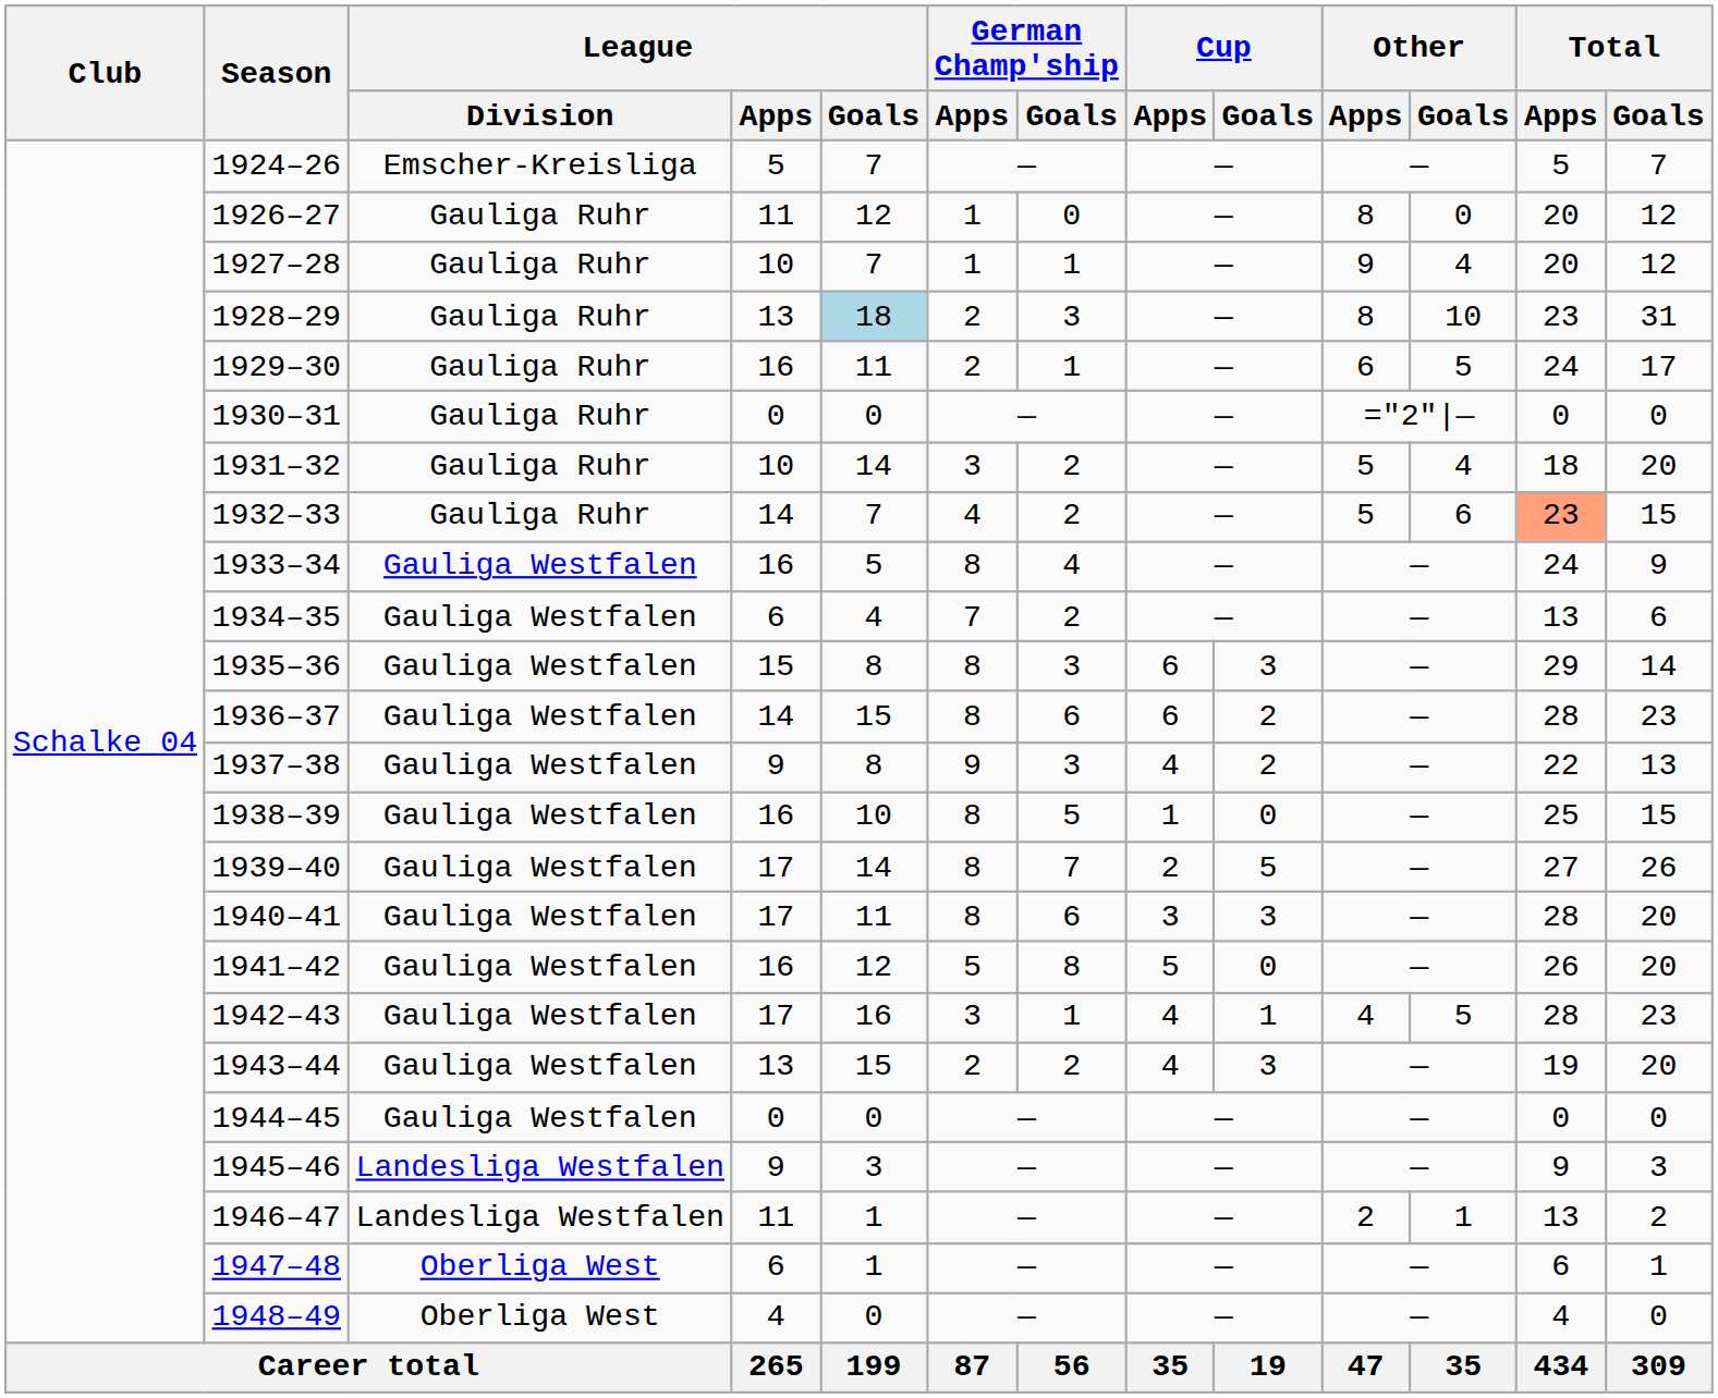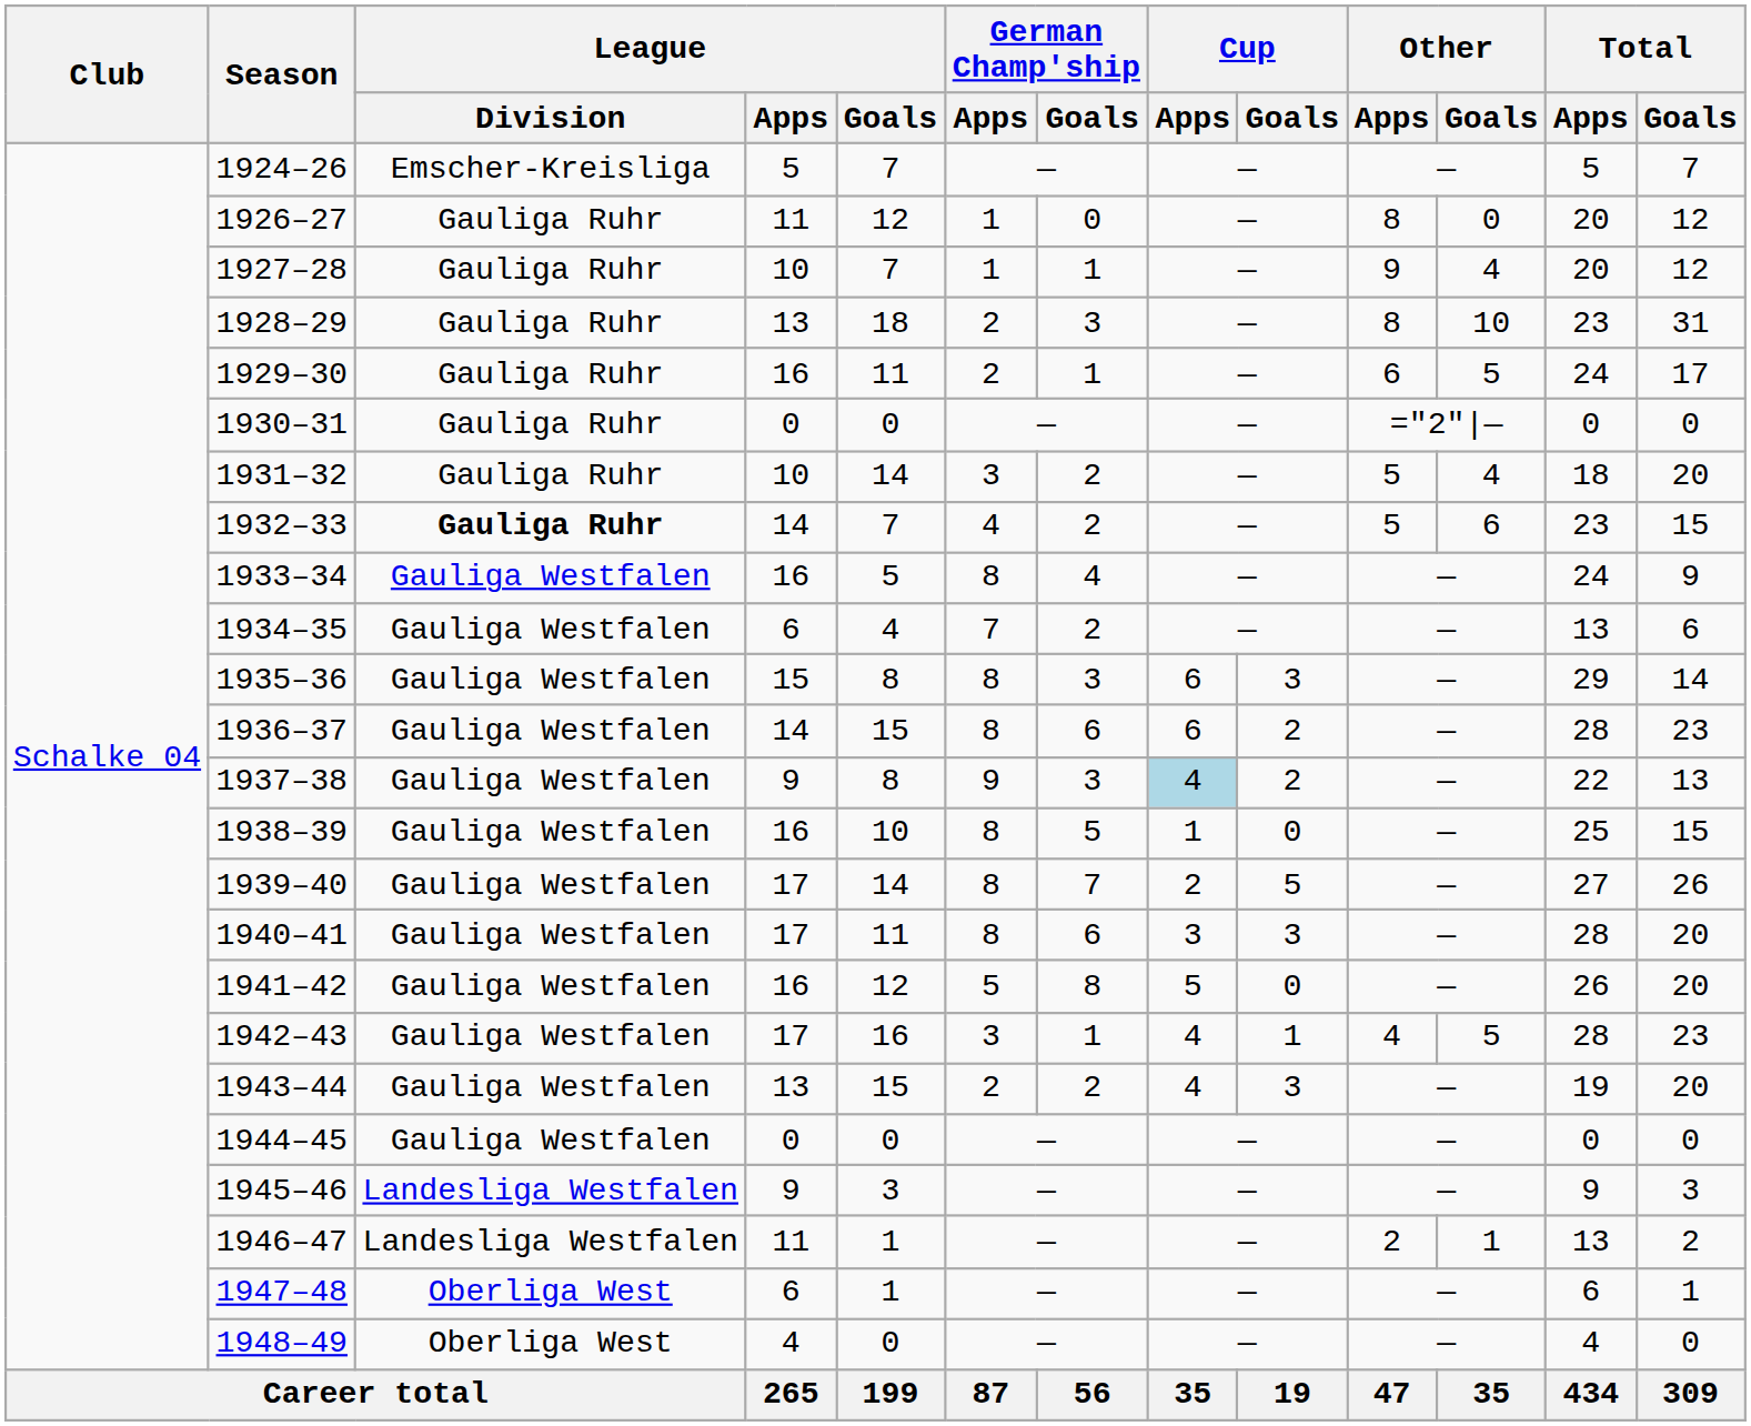 <table class="wikitable" style="text-align:center">
 <tr>
 <th rowspan="2">Club</th>
 <th rowspan="2">Season</th>
 <th colspan="3">League</th>
 <th colspan="2"><a href='#'>German<br>Champ'ship</a></th>
 <th colspan="2"><a href='#'>Cup</a></th>
 <th colspan="2">Other</th>
 <th colspan="2">Total</th>
 </tr>
 <tr>
 <th>Division</th>
 <th>Apps</th>
 <th>Goals</th>
 <th>Apps</th>
 <th>Goals</th>
 <th>Apps</th>
 <th>Goals</th>
 <th>Apps</th>
 <th>Goals</th>
 <th>Apps</th>
 <th>Goals</th>
 </tr>
 <tr>
 <td rowspan="24"><a href='#'>Schalke 04</a></td>
 <td>1924–26</td>
 <td>Emscher-Kreisliga</td>
 <td>5</td>
 <td>7</td>
 <td colspan="2">—</td>
 <td colspan="2">—</td>
 <td colspan="2">—</td>
 <td>5</td>
 <td>7</td>
 </tr>
 <tr>
 <td>1926–27</td>
 <td>Gauliga Ruhr</td>
 <td>11</td>
 <td>12</td>
 <td>1</td>
 <td>0</td>
 <td colspan="2">—</td>
 <td>8</td>
 <td>0</td>
 <td>20</td>
 <td>12</td>
 </tr>
 <tr>
 <td>1927–28</td>
 <td>Gauliga Ruhr</td>
 <td>10</td>
 <td>7</td>
 <td>1</td>
 <td>1</td>
 <td colspan="2">—</td>
 <td>9</td>
 <td>4</td>
 <td>20</td>
 <td>12</td>
 </tr>
 <tr>
 <td>1928–29</td>
 <td>Gauliga Ruhr</td>
 <td>13</td>
-<td style="background: lightblue;">18</td>
+<td>18</td>
 <td>2</td>
 <td>3</td>
 <td colspan="2">—</td>
 <td>8</td>
 <td>10</td>
 <td>23</td>
 <td>31</td>
 </tr>
 <tr>
 <td>1929–30</td>
 <td>Gauliga Ruhr</td>
 <td>16</td>
 <td>11</td>
 <td>2</td>
 <td>1</td>
 <td colspan="2">—</td>
 <td>6</td>
 <td>5</td>
 <td>24</td>
 <td>17</td>
 </tr>
 <tr>
 <td>1930–31</td>
 <td>Gauliga Ruhr</td>
 <td>0</td>
 <td>0</td>
 <td colspan="2">—</td>
 <td colspan="2">—</td>
 <td colspan="2">="2"|—</td>
 <td>0</td>
 <td>0</td>
 </tr>
 <tr>
 <td>1931–32</td>
 <td>Gauliga Ruhr</td>
 <td>10</td>
 <td>14</td>
 <td>3</td>
 <td>2</td>
 <td colspan="2">—</td>
 <td>5</td>
 <td>4</td>
 <td>18</td>
 <td>20</td>
 </tr>
 <tr>
 <td>1932–33</td>
-<td>Gauliga Ruhr</td>
+<td><strong>Gauliga Ruhr</strong></td>
 <td>14</td>
 <td>7</td>
 <td>4</td>
 <td>2</td>
 <td colspan="2">—</td>
 <td>5</td>
 <td>6</td>
-<td style="background: lightsalmon;">23</td>
+<td>23</td>
 <td>15</td>
 </tr>
 <tr>
 <td>1933–34</td>
 <td><a href='#'>Gauliga Westfalen</a></td>
 <td>16</td>
 <td>5</td>
 <td>8</td>
 <td>4</td>
 <td colspan="2">—</td>
 <td colspan="2">—</td>
 <td>24</td>
 <td>9</td>
 </tr>
 <tr>
 <td>1934–35</td>
 <td>Gauliga Westfalen</td>
 <td>6</td>
 <td>4</td>
 <td>7</td>
 <td>2</td>
 <td colspan="2">—</td>
 <td colspan="2">—</td>
 <td>13</td>
 <td>6</td>
 </tr>
 <tr>
 <td>1935–36</td>
 <td>Gauliga Westfalen</td>
 <td>15</td>
 <td>8</td>
 <td>8</td>
 <td>3</td>
 <td>6</td>
 <td>3</td>
 <td colspan="2">—</td>
 <td>29</td>
 <td>14</td>
 </tr>
 <tr>
 <td>1936–37</td>
 <td>Gauliga Westfalen</td>
 <td>14</td>
 <td>15</td>
 <td>8</td>
 <td>6</td>
 <td>6</td>
 <td>2</td>
 <td colspan="2">—</td>
 <td>28</td>
 <td>23</td>
 </tr>
 <tr>
 <td>1937–38</td>
 <td>Gauliga Westfalen</td>
 <td>9</td>
 <td>8</td>
 <td>9</td>
 <td>3</td>
-<td>4</td>
+<td style="background: lightblue;">4</td>
 <td>2</td>
 <td colspan="2">—</td>
 <td>22</td>
 <td>13</td>
 </tr>
 <tr>
 <td>1938–39</td>
 <td>Gauliga Westfalen</td>
 <td>16</td>
 <td>10</td>
 <td>8</td>
 <td>5</td>
 <td>1</td>
 <td>0</td>
 <td colspan="2">—</td>
 <td>25</td>
 <td>15</td>
 </tr>
 <tr>
 <td>1939–40</td>
 <td>Gauliga Westfalen</td>
 <td>17</td>
 <td>14</td>
 <td>8</td>
 <td>7</td>
 <td>2</td>
 <td>5</td>
 <td colspan="2">—</td>
 <td>27</td>
 <td>26</td>
 </tr>
 <tr>
 <td>1940–41</td>
 <td>Gauliga Westfalen</td>
 <td>17</td>
 <td>11</td>
 <td>8</td>
 <td>6</td>
 <td>3</td>
 <td>3</td>
 <td colspan="2">—</td>
 <td>28</td>
 <td>20</td>
 </tr>
 <tr>
 <td>1941–42</td>
 <td>Gauliga Westfalen</td>
 <td>16</td>
 <td>12</td>
 <td>5</td>
 <td>8</td>
 <td>5</td>
 <td>0</td>
 <td colspan="2">—</td>
 <td>26</td>
 <td>20</td>
 </tr>
 <tr>
 <td>1942–43</td>
 <td>Gauliga Westfalen</td>
 <td>17</td>
 <td>16</td>
 <td>3</td>
 <td>1</td>
 <td>4</td>
 <td>1</td>
 <td>4</td>
 <td>5</td>
 <td>28</td>
 <td>23</td>
 </tr>
 <tr>
 <td>1943–44</td>
 <td>Gauliga Westfalen</td>
 <td>13</td>
 <td>15</td>
 <td>2</td>
 <td>2</td>
 <td>4</td>
 <td>3</td>
 <td colspan="2">—</td>
 <td>19</td>
 <td>20</td>
 </tr>
 <tr>
 <td>1944–45</td>
 <td>Gauliga Westfalen</td>
 <td>0</td>
 <td>0</td>
 <td colspan="2">—</td>
 <td colspan="2">—</td>
 <td colspan="2">—</td>
 <td>0</td>
 <td>0</td>
 </tr>
 <tr>
 <td>1945–46</td>
 <td><a href='#'>Landesliga Westfalen</a></td>
 <td>9</td>
 <td>3</td>
 <td colspan="2">—</td>
 <td colspan="2">—</td>
 <td colspan="2">—</td>
 <td>9</td>
 <td>3</td>
 </tr>
 <tr>
 <td>1946–47</td>
 <td>Landesliga Westfalen</td>
 <td>11</td>
 <td>1</td>
 <td colspan="2">—</td>
 <td colspan="2">—</td>
 <td>2</td>
 <td>1</td>
 <td>13</td>
 <td>2</td>
 </tr>
 <tr>
 <td><a href='#'>1947–48</a></td>
 <td><a href='#'>Oberliga West</a></td>
 <td>6</td>
 <td>1</td>
 <td colspan="2">—</td>
 <td colspan="2">—</td>
 <td colspan="2">—</td>
 <td>6</td>
 <td>1</td>
 </tr>
 <tr>
 <td><a href='#'>1948–49</a></td>
 <td>Oberliga West</td>
 <td>4</td>
 <td>0</td>
 <td colspan="2">—</td>
 <td colspan="2">—</td>
 <td colspan="2">—</td>
 <td>4</td>
 <td>0</td>
 </tr>
 <tr>
 <th colspan="3">Career total</th>
 <th>265</th>
 <th>199</th>
 <th>87</th>
 <th>56</th>
 <th>35</th>
 <th>19</th>
 <th>47</th>
 <th>35</th>
 <th>434</th>
 <th>309</th>
 </tr>
 </table>
